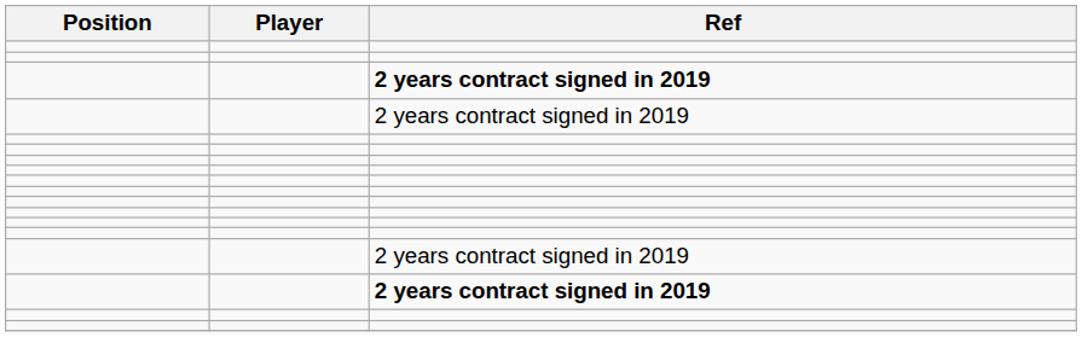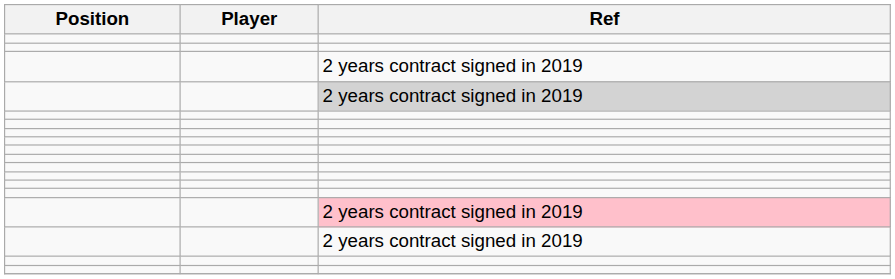 <table class="wikitable sortable" style="width:60%; text-align:center; font-size:100%; text-align:left;">
 <tr>
 <th><strong>Position</strong></th>
 <th><strong>Player</strong></th>
 <th><strong>Ref</strong></th>
 </tr>
 <tr>
 <td></td>
 <td></td>
 <td></td>
 </tr>
 <tr>
 <td></td>
 <td></td>
 <td></td>
 </tr>
 <tr>
 <td></td>
 <td></td>
-<td><strong>2 years contract signed in 2019 </strong></td>
+<td>2 years contract signed in 2019 </td>
 </tr>
 <tr>
 <td></td>
 <td></td>
-<td>2 years contract signed in 2019 </td>
+<td style="background: lightgrey;">2 years contract signed in 2019 </td>
 </tr>
 <tr>
 <td></td>
 <td></td>
 <td></td>
 </tr>
 <tr>
 <td></td>
 <td></td>
 <td></td>
 </tr>
 <tr>
 <td></td>
 <td></td>
 <td></td>
 </tr>
 <tr>
 <td></td>
 <td></td>
 <td></td>
 </tr>
 <tr>
 <td></td>
 <td></td>
 <td></td>
 </tr>
 <tr>
 <td></td>
 <td></td>
 <td></td>
 </tr>
 <tr>
 <td></td>
 <td></td>
 <td></td>
 </tr>
 <tr>
 <td></td>
 <td></td>
 <td></td>
 </tr>
 <tr>
 <td></td>
 <td></td>
 <td></td>
 </tr>
 <tr>
 <td></td>
 <td></td>
 <td></td>
 </tr>
 <tr>
 <td></td>
 <td></td>
-<td>2 years contract signed in 2019 </td>
+<td style="background: pink;">2 years contract signed in 2019 </td>
 </tr>
 <tr>
 <td></td>
 <td></td>
-<td><strong>2 years contract signed in 2019 </strong></td>
+<td>2 years contract signed in 2019 </td>
 </tr>
 <tr>
 <td></td>
 <td></td>
 <td></td>
 </tr>
 <tr>
 <td></td>
 <td></td>
 <td></td>
 </tr>
 <tr>
 </tr>
 </table>
